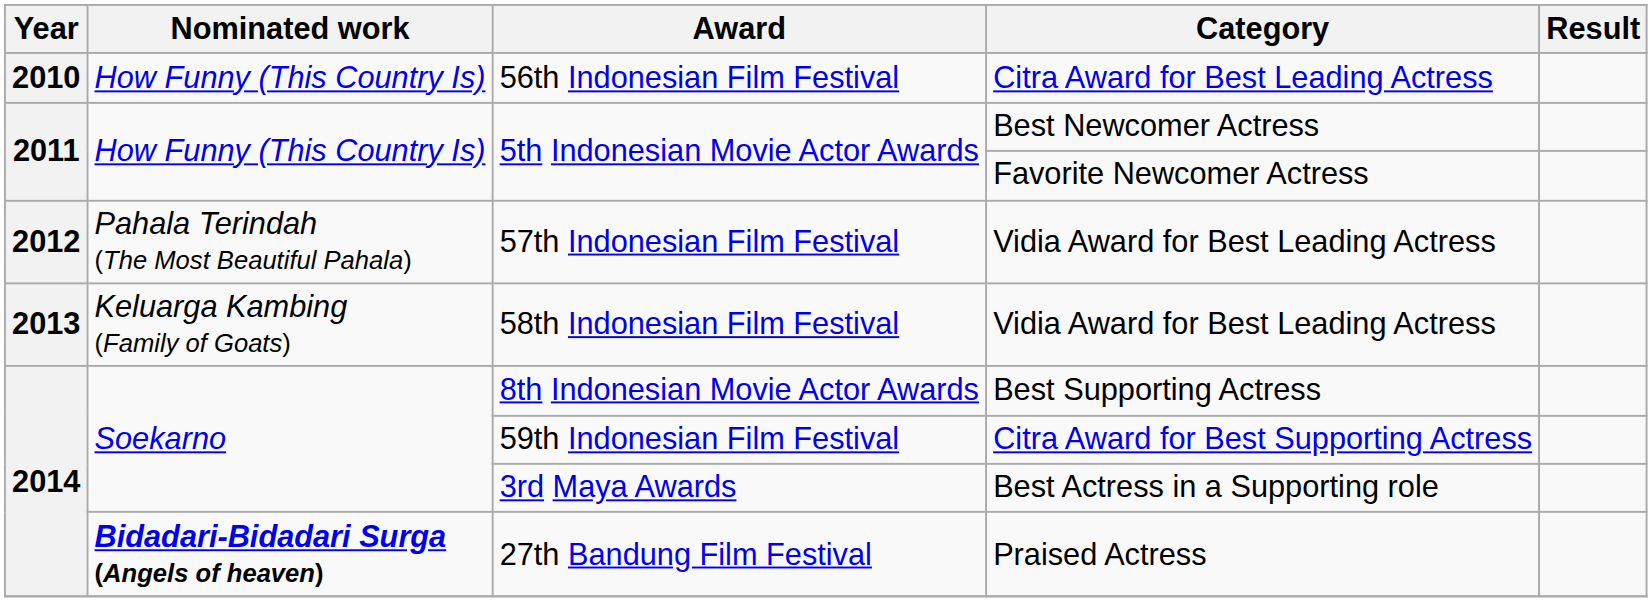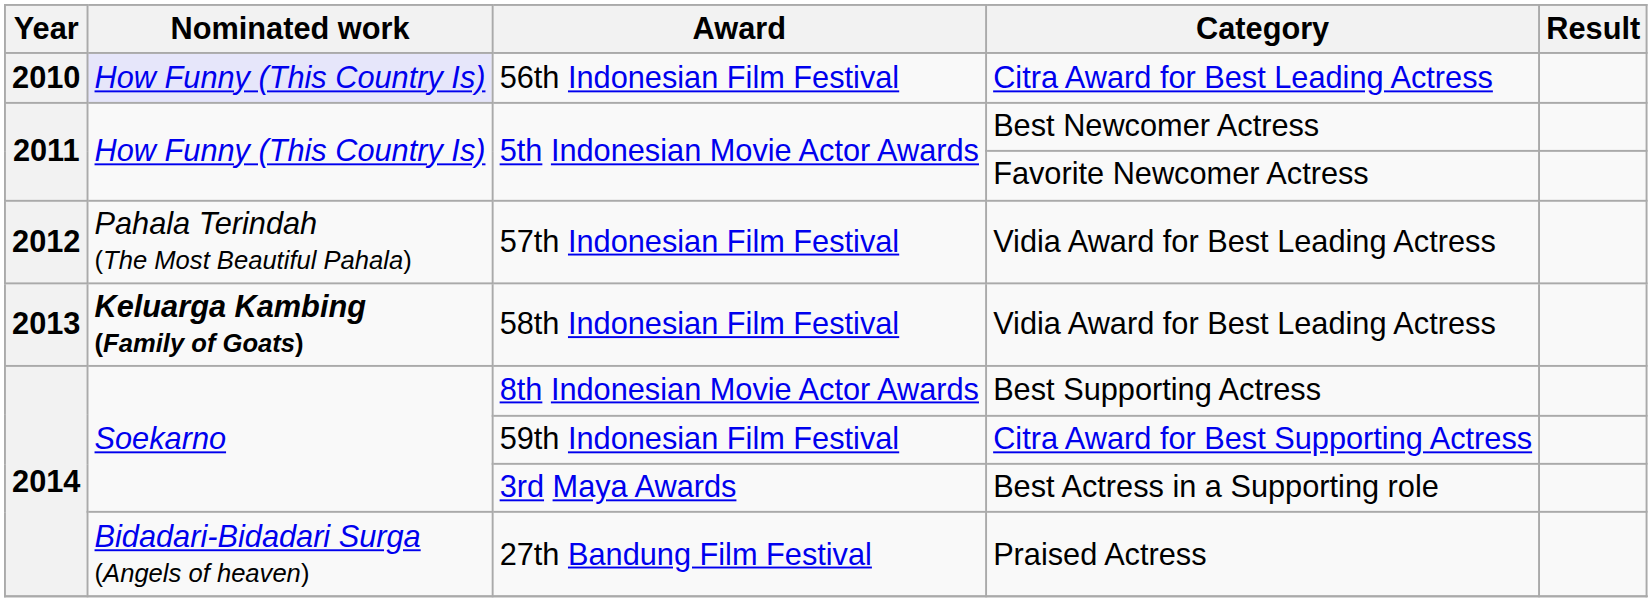 <table class="wikitable sortable">
 <tr>
 <th>Year</th>
 <th>Nominated work</th>
 <th>Award</th>
 <th>Category</th>
 <th>Result</th>
 </tr>
 <tr>
 <th>2010</th>
-<td><em><a href='#'>How Funny (This Country Is)</a></em></td>
+<td style="background: lavender;"><em><a href='#'>How Funny (This Country Is)</a></em></td>
 <td>56th <a href='#'>Indonesian Film Festival</a></td>
 <td><a href='#'>Citra Award for Best Leading Actress</a></td>
 <td></td>
 </tr>
 <tr>
 <th rowspan=2>2011</th>
 <td rowspan=2><em><a href='#'>How Funny (This Country Is)</a></em></td>
 <td rowspan=2><a href='#'>5th</a> <a href='#'>Indonesian Movie Actor Awards</a></td>
 <td>Best Newcomer Actress</td>
 <td></td>
 </tr>
 <tr>
 <td>Favorite Newcomer Actress</td>
 <td></td>
 </tr>
 <tr>
 <th>2012</th>
 <td><em>Pahala Terindah</em> <br><small>(<em>The Most Beautiful Pahala</em>)</small></td>
 <td>57th <a href='#'>Indonesian Film Festival</a></td>
 <td>Vidia Award for Best Leading Actress</td>
 <td></td>
 </tr>
 <tr>
 <th>2013</th>
-<td><em>Keluarga Kambing</em> <br><small>(<em>Family of Goats</em>)</small></td>
+<td><strong><em>Keluarga Kambing</em> <br><small>(<em>Family of Goats</em>)</small></strong></td>
 <td>58th <a href='#'>Indonesian Film Festival</a></td>
 <td>Vidia Award for Best Leading Actress</td>
 <td></td>
 </tr>
 <tr>
 <th rowspan=4>2014</th>
 <td rowspan=3><em><a href='#'>Soekarno</a></em></td>
 <td><a href='#'>8th</a> <a href='#'>Indonesian Movie Actor Awards</a></td>
 <td>Best Supporting Actress</td>
 <td></td>
 </tr>
 <tr>
 <td>59th <a href='#'>Indonesian Film Festival</a></td>
 <td><a href='#'>Citra Award for Best Supporting Actress</a></td>
 <td></td>
 </tr>
 <tr>
 <td><a href='#'>3rd</a> <a href='#'>Maya Awards</a></td>
 <td>Best Actress in a Supporting role</td>
 <td></td>
 </tr>
 <tr>
-<td><strong><em><a href='#'>Bidadari-Bidadari Surga</a></em> <br><small>(<em>Angels of heaven</em>)</small></strong></td>
+<td><em><a href='#'>Bidadari-Bidadari Surga</a></em> <br><small>(<em>Angels of heaven</em>)</small></td>
 <td>27th <a href='#'>Bandung Film Festival</a></td>
 <td>Praised Actress</td>
 <td></td>
 </tr>
 <tr>
 </tr>
 </table>
